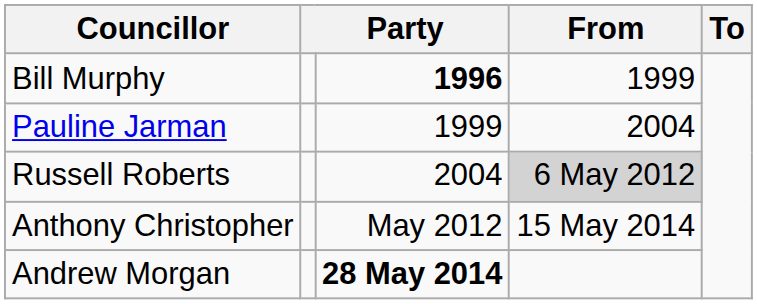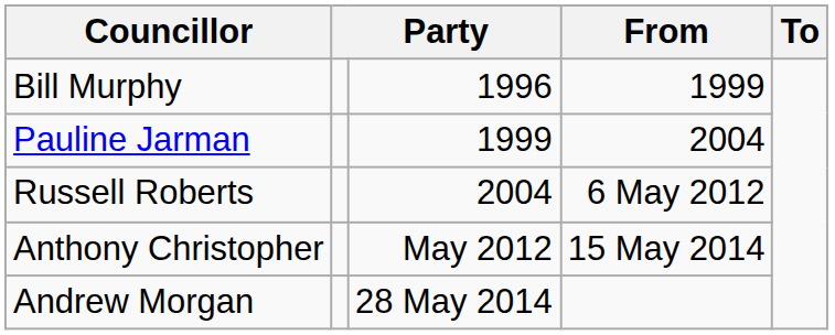 <table class=wikitable>
 <tr>
 <th>Councillor</th>
 <th colspan=2>Party</th>
 <th>From</th>
 <th>To</th>
 </tr>
 <tr>
 <td>Bill Murphy</td>
 <td></td>
-<td align=right><strong>1996</strong></td>
+<td align=right>1996</td>
 <td align=right>1999</td>
 </tr>
 <tr>
 <td><a href='#'>Pauline Jarman</a></td>
 <td></td>
 <td align=right>1999</td>
 <td align=right>2004</td>
 </tr>
 <tr>
 <td>Russell Roberts</td>
 <td></td>
 <td align=right>2004</td>
-<td align=right style="background: lightgrey;">6 May 2012</td>
+<td align=right>6 May 2012</td>
 </tr>
 <tr>
 <td>Anthony Christopher</td>
 <td></td>
 <td align=right>May 2012</td>
 <td align=right>15 May 2014</td>
 </tr>
 <tr>
 <td>Andrew Morgan</td>
 <td></td>
-<td align=right><strong>28 May 2014</strong></td>
+<td align=right>28 May 2014</td>
 <td align=right></td>
 </tr>
 </table>
